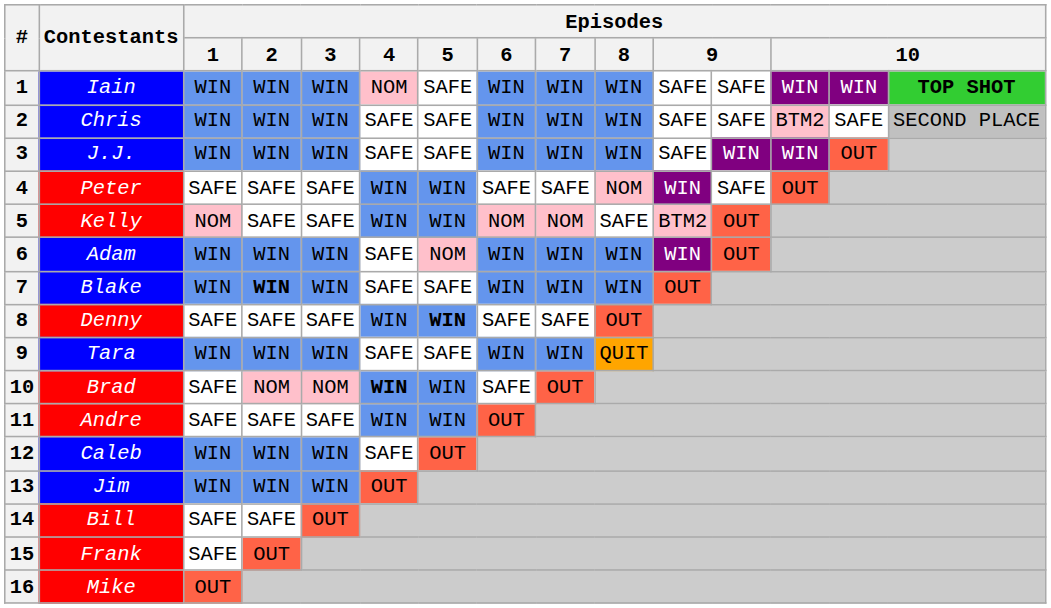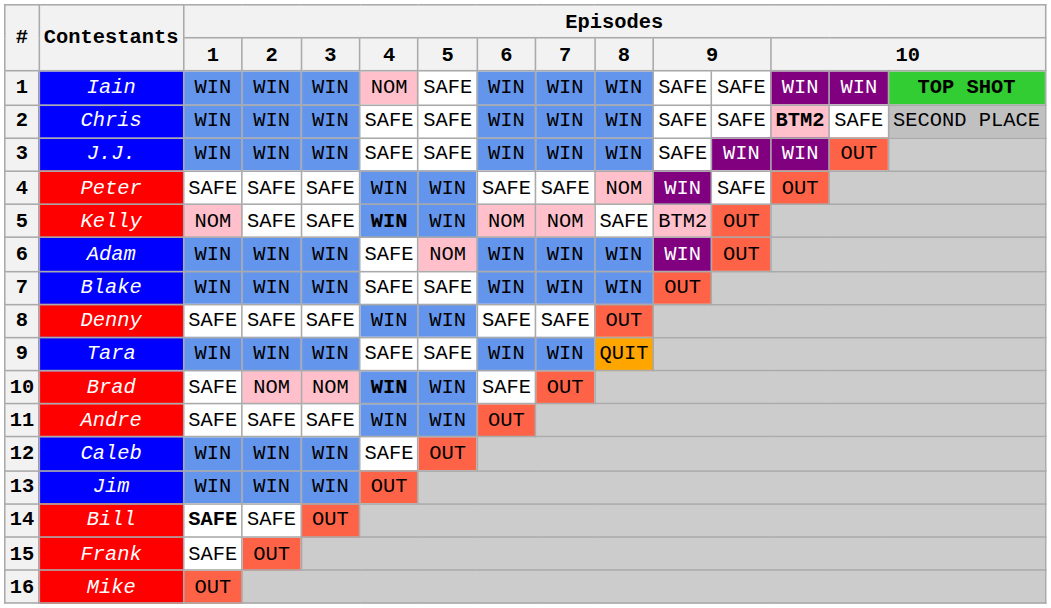 <table class="wikitable" style="text-align:center">
 <tr>
 <th rowspan=2>#</th>
 <th rowspan=2>Contestants</th>
 <th colspan=13>Episodes</th>
 </tr>
 <tr>
 <th>1</th>
 <th>2</th>
 <th>3</th>
 <th>4</th>
 <th>5</th>
 <th>6</th>
 <th>7</th>
 <th>8</th>
 <th colspan=2>9</th>
 <th colspan=3>10</th>
 </tr>
 <tr>
 <th>1</th>
 <td style="background:blue; color:white;"><em>Iain</em></td>
 <td style="background:cornflowerblue">WIN</td>
 <td style="background:cornflowerblue">WIN</td>
 <td style="background:cornflowerblue">WIN</td>
 <td style="background:pink">NOM</td>
 <td style="background:white">SAFE</td>
 <td style="background:cornflowerblue">WIN</td>
 <td style="background:cornflowerblue">WIN</td>
 <td style="background:cornflowerblue">WIN</td>
 <td style="background:white">SAFE</td>
 <td style="background:white">SAFE</td>
 <td style="background:purple; color:white;">WIN</td>
 <td style="background:purple; color:white;">WIN</td>
 <td style="background:limegreen"><strong>TOP SHOT</strong></td>
 </tr>
 <tr>
 <th>2</th>
 <td style="background:blue; color:white;"><em>Chris</em></td>
 <td style="background:cornflowerblue">WIN</td>
 <td style="background:cornflowerblue">WIN</td>
 <td style="background:cornflowerblue">WIN</td>
 <td style="background:white">SAFE</td>
 <td style="background:white">SAFE</td>
 <td style="background:cornflowerblue">WIN</td>
 <td style="background:cornflowerblue">WIN</td>
 <td style="background:cornflowerblue">WIN</td>
 <td style="background:white">SAFE</td>
 <td style="background:white">SAFE</td>
-<td style="background:pink">BTM2</td>
+<td style="background:pink"><strong>BTM2</strong></td>
 <td style="background:white">SAFE</td>
 <td style="background:silver">SECOND PLACE</td>
 </tr>
 <tr>
 <th>3</th>
 <td style="background:blue; color:white;"><em>J.J.</em></td>
 <td style="background:cornflowerblue">WIN</td>
 <td style="background:cornflowerblue">WIN</td>
 <td style="background:cornflowerblue">WIN</td>
 <td style="background:white">SAFE</td>
 <td style="background:white">SAFE</td>
 <td style="background:cornflowerblue">WIN</td>
 <td style="background:cornflowerblue">WIN</td>
 <td style="background:cornflowerblue">WIN</td>
 <td style="background:white">SAFE</td>
 <td style="background:purple; color:white;">WIN</td>
 <td style="background:purple; color:white;">WIN</td>
 <td style="background:tomato">OUT</td>
 <td style="background:#CCCCCC" colspan=1></td>
 </tr>
 <tr>
 <th>4</th>
 <td style="background:red; color:white;"><em>Peter</em></td>
 <td style="background:white">SAFE</td>
 <td style="background:white">SAFE</td>
 <td style="background:white">SAFE</td>
 <td style="background:cornflowerblue">WIN</td>
 <td style="background:cornflowerblue">WIN</td>
 <td style="background:white">SAFE</td>
 <td style="background:white">SAFE</td>
 <td style="background:pink">NOM</td>
 <td style="background:purple; color:white;">WIN</td>
 <td style="background:white">SAFE</td>
 <td style="background:tomato">OUT</td>
 <td style="background:#CCCCCC" colspan=2></td>
 </tr>
 <tr>
 <th>5</th>
 <td style="background:red; color:white;"><em>Kelly</em></td>
 <td style="background:pink">NOM</td>
 <td style="background:white">SAFE</td>
 <td style="background:white">SAFE</td>
-<td style="background:cornflowerblue">WIN</td>
+<td style="background:cornflowerblue"><strong>WIN</strong></td>
 <td style="background:cornflowerblue">WIN</td>
 <td style="background:pink">NOM</td>
 <td style="background:pink">NOM</td>
 <td style="background:white">SAFE</td>
 <td style="background:pink">BTM2</td>
 <td style="background:tomato">OUT</td>
 <td style="background:#CCCCCC" colspan=3></td>
 </tr>
 <tr>
 <th>6</th>
 <td style="background:blue; color:white;"><em>Adam</em></td>
 <td style="background:cornflowerblue">WIN</td>
 <td style="background:cornflowerblue">WIN</td>
 <td style="background:cornflowerblue">WIN</td>
 <td style="background:white">SAFE</td>
 <td style="background:pink">NOM</td>
 <td style="background:cornflowerblue">WIN</td>
 <td style="background:cornflowerblue">WIN</td>
 <td style="background:cornflowerblue">WIN</td>
 <td style="background:purple; color:white;">WIN</td>
 <td style="background:tomato">OUT</td>
 <td style="background:#CCCCCC" colspan=3></td>
 </tr>
 <tr>
 <th>7</th>
 <td style="background:blue; color:white;"><em>Blake</em></td>
 <td style="background:cornflowerblue">WIN</td>
-<td style="background:cornflowerblue"><strong>WIN</strong></td>
+<td style="background:cornflowerblue">WIN</td>
 <td style="background:cornflowerblue">WIN</td>
 <td style="background:white">SAFE</td>
 <td style="background:white">SAFE</td>
 <td style="background:cornflowerblue">WIN</td>
 <td style="background:cornflowerblue">WIN</td>
 <td style="background:cornflowerblue">WIN</td>
 <td style="background:tomato">OUT</td>
 <td style="background:#CCCCCC" colspan=4></td>
 </tr>
 <tr>
 <th>8</th>
 <td style="background:red; color:white;"><em>Denny</em></td>
 <td style="background:white">SAFE</td>
 <td style="background:white">SAFE</td>
 <td style="background:white">SAFE</td>
 <td style="background:cornflowerblue">WIN</td>
-<td style="background:cornflowerblue"><strong>WIN</strong></td>
+<td style="background:cornflowerblue">WIN</td>
 <td style="background:white">SAFE</td>
 <td style="background:white">SAFE</td>
 <td style="background:tomato">OUT</td>
 <td style="background:#CCCCCC" colspan=5></td>
 </tr>
 <tr>
 <th>9</th>
 <td style="background:blue; color:white;"><em>Tara</em></td>
 <td style="background:cornflowerblue">WIN</td>
 <td style="background:cornflowerblue">WIN</td>
 <td style="background:cornflowerblue">WIN</td>
 <td style="background:white">SAFE</td>
 <td style="background:white">SAFE</td>
 <td style="background:cornflowerblue">WIN</td>
 <td style="background:cornflowerblue">WIN</td>
 <td style="background:orange">QUIT</td>
 <td style="background:#CCCCCC" colspan=5></td>
 </tr>
 <tr>
 <th>10</th>
 <td style="background:red; color:white;"><em>Brad</em></td>
 <td style="background:white">SAFE</td>
 <td style="background:pink">NOM</td>
 <td style="background:pink">NOM</td>
 <td style="background:cornflowerblue"><strong>WIN</strong></td>
 <td style="background:cornflowerblue">WIN</td>
 <td style="background:white">SAFE</td>
 <td style="background:tomato">OUT</td>
 <td style="background:#CCCCCC" colspan=6></td>
 </tr>
 <tr>
 <th>11</th>
 <td style="background:red; color:white;"><em>Andre</em></td>
 <td style="background:white">SAFE</td>
 <td style="background:white">SAFE</td>
 <td style="background:white">SAFE</td>
 <td style="background:cornflowerblue">WIN</td>
 <td style="background:cornflowerblue">WIN</td>
 <td style="background:tomato">OUT</td>
 <td style="background:#CCCCCC" colspan=7></td>
 </tr>
 <tr>
 <th>12</th>
 <td style="background:blue; color:white;"><em>Caleb</em></td>
 <td style="background:cornflowerblue">WIN</td>
 <td style="background:cornflowerblue">WIN</td>
 <td style="background:cornflowerblue">WIN</td>
 <td style="background:white">SAFE</td>
 <td style="background:tomato">OUT</td>
 <td style="background:#CCCCCC" colspan=8></td>
 </tr>
 <tr>
 <th>13</th>
 <td style="background:blue; color:white;"><em>Jim</em></td>
 <td style="background:cornflowerblue">WIN</td>
 <td style="background:cornflowerblue">WIN</td>
 <td style="background:cornflowerblue">WIN</td>
 <td style="background:tomato">OUT</td>
 <td style="background:#CCCCCC" colspan=9></td>
 </tr>
 <tr>
 <th>14</th>
 <td style="background:red; color:white;"><em>Bill</em></td>
-<td style="background:white">SAFE</td>
+<td style="background:white"><strong>SAFE</strong></td>
 <td style="background:white">SAFE</td>
 <td style="background:tomato">OUT</td>
 <td style="background:#CCCCCC" colspan=10></td>
 </tr>
 <tr>
 <th>15</th>
 <td style="background:red; color:white;"><em>Frank</em></td>
 <td style="background:white">SAFE</td>
 <td style="background:tomato">OUT</td>
 <td style="background:#CCCCCC" colspan=11></td>
 </tr>
 <tr>
 <th>16</th>
 <td style="background:red; color:white;"><em>Mike</em></td>
 <td style="background:tomato">OUT</td>
 <td style="background:#CCCCCC" colspan=12></td>
 </tr>
 </table>
